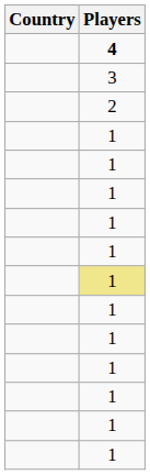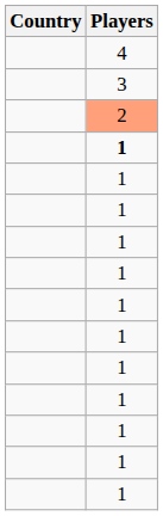 <table class="sortable wikitable">
 <tr>
 <th>Country</th>
 <th>Players</th>
 </tr>
 <tr>
 <td></td>
-<td align=center><strong>4</strong></td>
+<td align=center>4</td>
 </tr>
 <tr>
 <td></td>
 <td align=center>3</td>
 </tr>
 <tr>
 <td></td>
-<td align="center">2</td>
+<td align="center" style="background: lightsalmon;">2</td>
+</tr>
+<tr>
+<td></td>
+<td align=center><strong>1</strong></td>
 </tr>
 <tr>
 <td></td>
 <td align=center>1</td>
 </tr>
 <tr>
 <td></td>
 <td align=center>1</td>
 </tr>
 <tr>
 <td></td>
 <td align=center>1</td>
 </tr>
 <tr>
 <td></td>
 <td align=center>1</td>
 </tr>
 <tr>
 <td></td>
 <td align=center>1</td>
-</tr>
-<tr>
-<td></td>
-<td align=center style="background: khaki;">1</td>
 </tr>
 <tr>
 <td></td>
 <td align=center>1</td>
 </tr>
 <tr>
 <td></td>
 <td align=center>1</td>
 </tr>
 <tr>
 <td></td>
 <td align=center>1</td>
 </tr>
 <tr>
 <td></td>
 <td align=center>1</td>
 </tr>
 <tr>
 <td></td>
 <td align=center>1</td>
 </tr>
 <tr>
 <td></td>
 <td align=center>1</td>
 </tr>
 </table>
